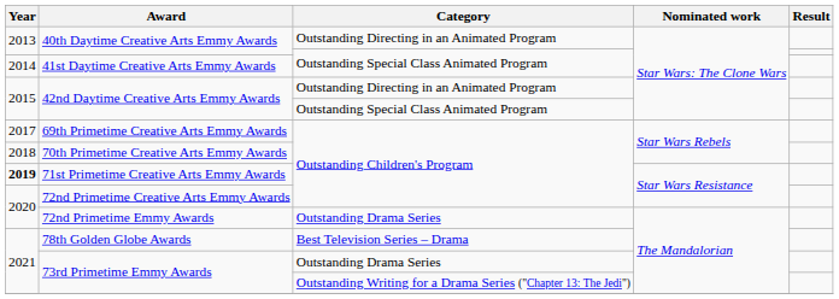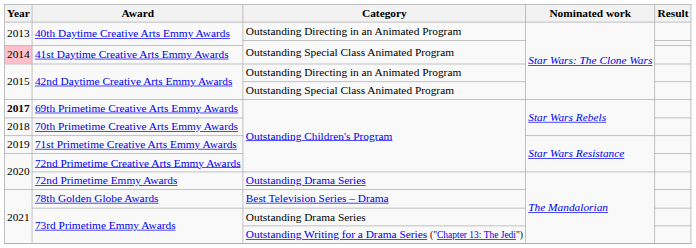 <table class="wikitable sortable plainrowheaders">
 <tr>
 <th>Year</th>
 <th>Award</th>
 <th>Category</th>
 <th>Nominated work</th>
 <th>Result</th>
 </tr>
 <tr>
 <td rowspan="2">2013</td>
 <td rowspan="2"><a href='#'>40th Daytime Creative Arts Emmy Awards</a></td>
 <td>Outstanding Directing in an Animated Program</td>
 <td rowspan="5"><em><a href='#'>Star Wars: The Clone Wars</a></em></td>
 <td></td>
 </tr>
 <tr>
 <td rowspan="2">Outstanding Special Class Animated Program</td>
 <td></td>
 </tr>
 <tr>
-<td>2014</td>
+<td style="background: pink;">2014</td>
 <td><a href='#'>41st Daytime Creative Arts Emmy Awards</a></td>
 <td></td>
 </tr>
 <tr>
 <td rowspan="2">2015</td>
 <td rowspan="2"><a href='#'>42nd Daytime Creative Arts Emmy Awards</a></td>
 <td>Outstanding Directing in an Animated Program</td>
 <td></td>
 </tr>
 <tr>
 <td>Outstanding Special Class Animated Program</td>
 <td></td>
 </tr>
 <tr>
-<td>2017</td>
+<td><strong>2017</strong></td>
 <td><a href='#'>69th Primetime Creative Arts Emmy Awards</a></td>
 <td rowspan="4"><a href='#'>Outstanding Children's Program</a></td>
 <td rowspan="2"><em><a href='#'>Star Wars Rebels</a></em></td>
 <td></td>
 </tr>
 <tr>
 <td>2018</td>
 <td><a href='#'>70th Primetime Creative Arts Emmy Awards</a></td>
 <td></td>
 </tr>
 <tr>
-<td><strong>2019</strong></td>
+<td>2019</td>
 <td><a href='#'>71st Primetime Creative Arts Emmy Awards</a></td>
 <td rowspan="2"><em><a href='#'>Star Wars Resistance</a></em></td>
 <td></td>
 </tr>
 <tr>
 <td rowspan="2">2020</td>
 <td><a href='#'>72nd Primetime Creative Arts Emmy Awards</a></td>
 <td></td>
 </tr>
 <tr>
 <td><a href='#'>72nd Primetime Emmy Awards</a></td>
 <td><a href='#'>Outstanding Drama Series</a></td>
 <td rowspan="4"><em><a href='#'>The Mandalorian</a></em></td>
 <td></td>
 </tr>
 <tr>
 <td rowspan="3">2021</td>
 <td><a href='#'>78th Golden Globe Awards</a></td>
 <td><a href='#'>Best Television Series – Drama</a></td>
 <td></td>
 </tr>
 <tr>
 <td rowspan="2"><a href='#'>73rd Primetime Emmy Awards</a></td>
 <td>Outstanding Drama Series</td>
 <td></td>
 </tr>
 <tr>
 <td><a href='#'>Outstanding Writing for a Drama Series</a> <small>("<a href='#'>Chapter 13: The Jedi</a>")</small></td>
 <td></td>
 </tr>
 <tr>
 </tr>
 </table>
